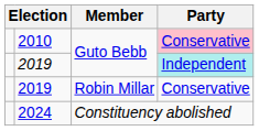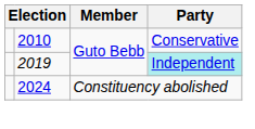 <table class="wikitable">
 <tr>
 <th colspan="2">Election</th>
 <th>Member</th>
 <th>Party</th>
 </tr>
 <tr>
 <td style="color:inherit;background-color: "></td>
 <td><a href='#'>2010</a></td>
 <td rowspan="2"><a href='#'>Guto Bebb</a></td>
-<td style="background: pink;"><a href='#'>Conservative</a></td>
+<td><a href='#'>Conservative</a></td>
 </tr>
 <tr>
 <td style="color:inherit;background-color: "></td>
 <td><em>2019</em></td>
 <td style="background: paleturquoise;"><a href='#'>Independent</a></td>
 </tr>
 <tr>
-<td style="color:inherit;background-color: "></td>
-<td><a href='#'>2019</a></td>
-<td><a href='#'>Robin Millar</a></td>
-<td><a href='#'>Conservative</a></td>
-</tr>
-<tr>
 <td></td>
 <td><a href='#'>2024</a></td>
 <td colspan="2"><em>Constituency abolished</em></td>
 </tr>
 </table>
